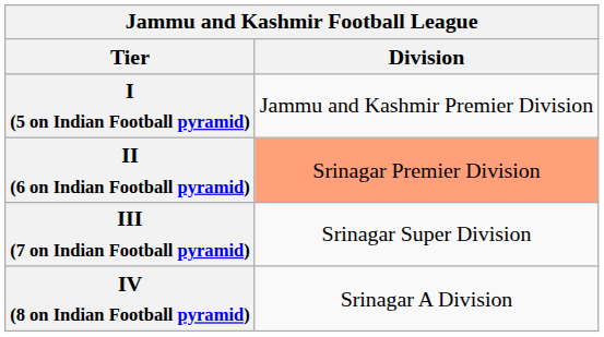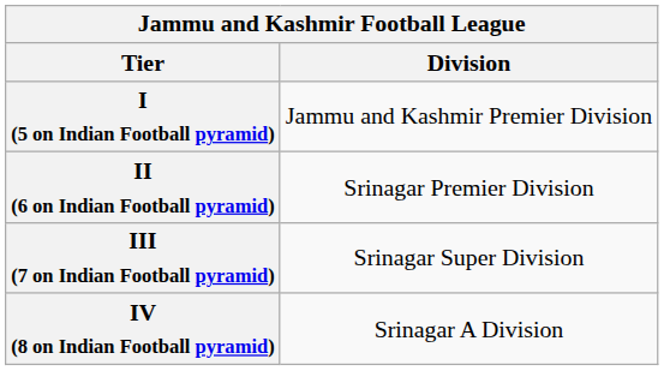 <table class="wikitable" style="text-align:center;">
 <tr>
 <th colspan="2">Jammu and Kashmir Football League</th>
 </tr>
 <tr>
 <th>Tier</th>
 <th>Division</th>
 </tr>
 <tr>
 <th>I<br><sub>(5 on Indian Football <a href='#'>pyramid</a>)</sub></th>
 <td>Jammu and Kashmir Premier Division</td>
 </tr>
 <tr>
 <th>II<br><sub>(6 on Indian Football <a href='#'>pyramid</a>)</sub></th>
-<td style="background: lightsalmon;">Srinagar Premier Division</td>
+<td>Srinagar Premier Division</td>
 </tr>
 <tr>
 <th>III<br><sub>(7 on Indian Football <a href='#'>pyramid</a>)</sub></th>
 <td>Srinagar Super Division</td>
 </tr>
 <tr>
 <th>IV<br><sub>(8 on Indian Football <a href='#'>pyramid</a>)</sub></th>
 <td>Srinagar A Division</td>
 </tr>
 </table>
